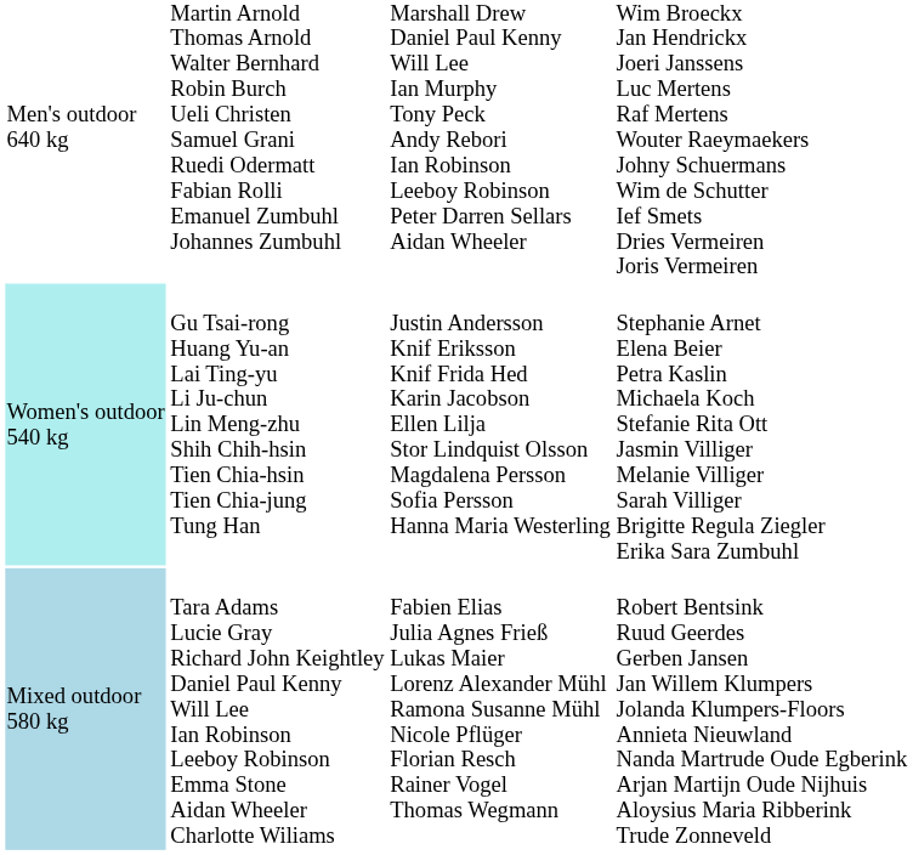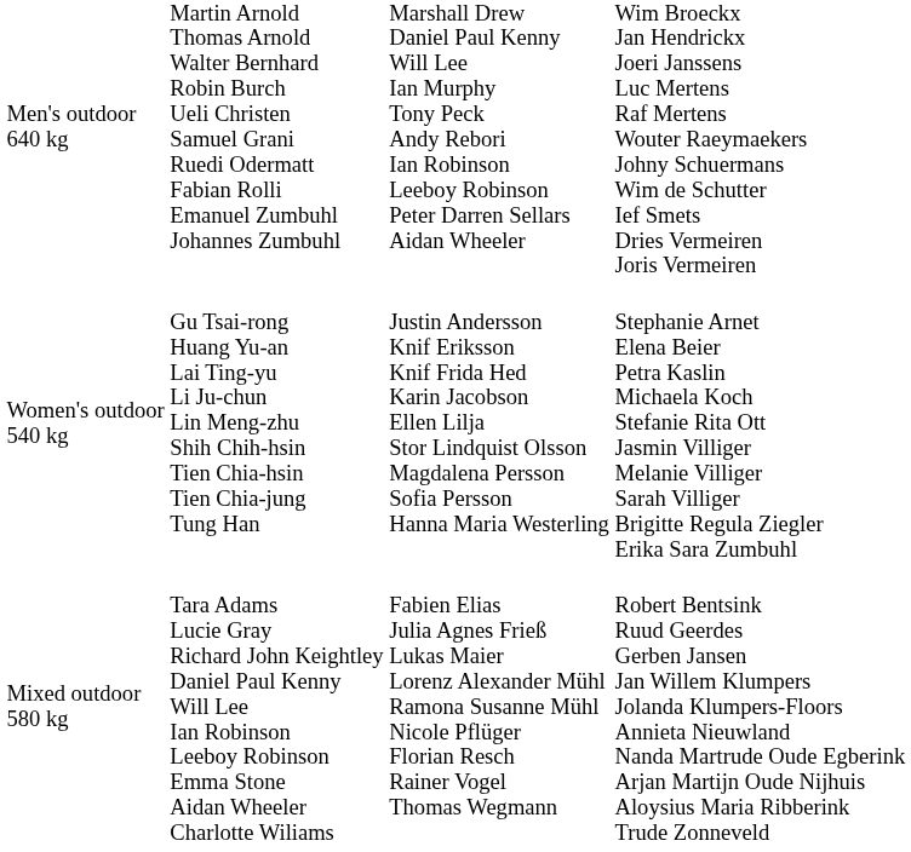 <table>
 <tr>
 <td>Men's outdoor<br>640 kg</td>
 <td valign=top><br>Martin Arnold<br>Thomas Arnold<br>Walter Bernhard<br>Robin Burch<br>Ueli Christen<br>Samuel Grani<br>Ruedi Odermatt<br>Fabian Rolli<br>Emanuel Zumbuhl<br>Johannes Zumbuhl</td>
 <td valign=top><br>Marshall Drew<br>Daniel Paul Kenny<br>Will Lee<br>Ian Murphy<br>Tony Peck<br>Andy Rebori<br>Ian Robinson<br>Leeboy Robinson<br>Peter Darren Sellars<br>Aidan Wheeler</td>
 <td><br>Wim Broeckx<br>Jan Hendrickx<br>Joeri Janssens<br>Luc Mertens<br>Raf Mertens<br>Wouter Raeymaekers<br>Johny Schuermans<br>Wim de Schutter<br>Ief Smets<br>Dries Vermeiren<br>Joris Vermeiren</td>
 </tr>
 <tr>
-<td nowrap style="background: paleturquoise;">Women's outdoor<br>540 kg</td>
+<td nowrap>Women's outdoor<br>540 kg</td>
 <td valign=top><br>Gu Tsai-rong<br>Huang Yu-an<br>Lai Ting-yu<br>Li Ju-chun<br>Lin Meng-zhu<br>Shih Chih-hsin<br>Tien Chia-hsin<br>Tien Chia-jung<br>Tung Han</td>
 <td valign=top nowrap><br>Justin Andersson<br>Knif Eriksson<br>Knif Frida Hed<br>Karin Jacobson<br>Ellen Lilja<br>Stor Lindquist Olsson<br>Magdalena Persson<br>Sofia Persson<br>Hanna Maria Westerling</td>
 <td><br>Stephanie Arnet<br>Elena Beier<br>Petra Kaslin<br>Michaela Koch<br>Stefanie Rita Ott<br>Jasmin Villiger<br>Melanie Villiger<br>Sarah Villiger<br>Brigitte Regula Ziegler<br>Erika Sara Zumbuhl</td>
 </tr>
 <tr>
-<td style="background: lightblue;">Mixed outdoor<br>580 kg</td>
+<td>Mixed outdoor<br>580 kg</td>
 <td nowrap><br>Tara Adams<br>Lucie Gray<br>Richard John Keightley<br>Daniel Paul Kenny<br>Will Lee<br>Ian Robinson<br>Leeboy Robinson<br>Emma Stone<br>Aidan Wheeler<br>Charlotte Wiliams</td>
 <td valign=top><br>Fabien Elias<br>Julia Agnes Frieß<br>Lukas Maier<br>Lorenz Alexander Mühl<br>Ramona Susanne Mühl<br>Nicole Pflüger<br>Florian Resch<br>Rainer Vogel<br>Thomas Wegmann</td>
 <td nowrap><br>Robert Bentsink<br>Ruud Geerdes<br>Gerben Jansen<br>Jan Willem Klumpers<br>Jolanda Klumpers-Floors<br>Annieta Nieuwland<br>Nanda Martrude Oude Egberink<br>Arjan Martijn Oude Nijhuis<br>Aloysius Maria Ribberink<br>Trude Zonneveld</td>
 </tr>
 </table>
